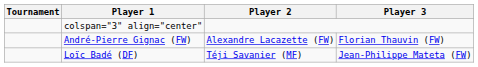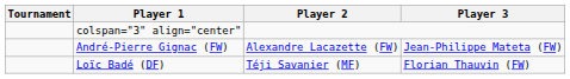 <table class="wikitable">
 <tr>
 <th>Tournament</th>
 <th>Player 1</th>
 <th>Player 2</th>
 <th>Player 3</th>
 </tr>
 <tr>
 <td></td>
 <td>colspan="3" align="center" </td>
 </tr>
 <tr>
 <td></td>
 <td><a href='#'>André-Pierre Gignac</a> (<a href='#'>FW</a>)</td>
 <td><a href='#'>Alexandre Lacazette</a> (<a href='#'>FW</a>)</td>
-<td><a href='#'>Florian Thauvin</a> (<a href='#'>FW</a>)</td>
+<td><a href='#'>Jean-Philippe Mateta</a> (<a href='#'>FW</a>)</td>
 </tr>
 <tr>
 <td></td>
 <td><a href='#'>Loïc Badé</a> (<a href='#'>DF</a>)</td>
 <td><a href='#'>Téji Savanier</a> (<a href='#'>MF</a>)</td>
-<td><a href='#'>Jean-Philippe Mateta</a> (<a href='#'>FW</a>)</td>
+<td><a href='#'>Florian Thauvin</a> (<a href='#'>FW</a>)</td>
 </tr>
 </table>
